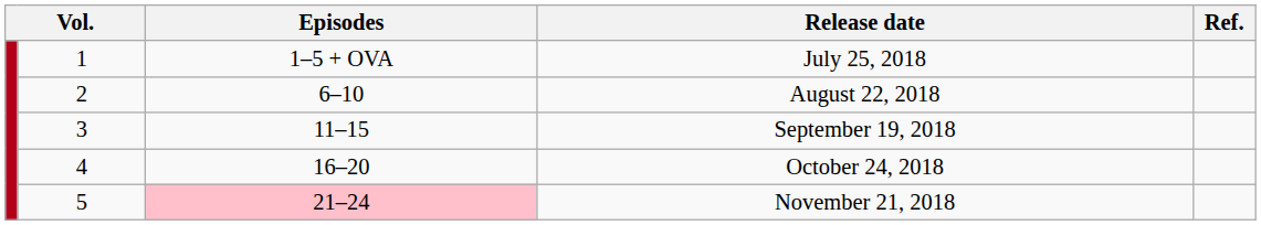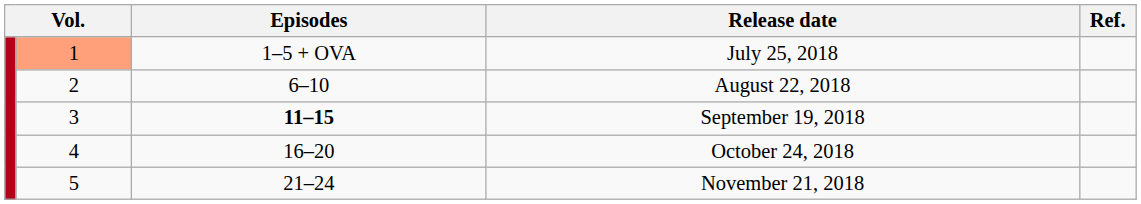 <table class="wikitable" style="text-align: center; width: 70%;">
 <tr>
 <th colspan="2">Vol.</th>
 <th>Episodes</th>
 <th>Release date</th>
 <th width="5%">Ref.</th>
 </tr>
 <tr>
 <td rowspan="5" width="1%" style="background: #B30018;"></td>
-<td>1</td>
+<td style="background: lightsalmon;">1</td>
 <td>1–5 + OVA</td>
 <td>July 25, 2018</td>
 <td></td>
 </tr>
 <tr>
 <td>2</td>
 <td>6–10</td>
 <td>August 22, 2018</td>
 <td></td>
 </tr>
 <tr>
 <td>3</td>
-<td>11–15</td>
+<td><strong>11–15</strong></td>
 <td>September 19, 2018</td>
 <td></td>
 </tr>
 <tr>
 <td>4</td>
 <td>16–20</td>
 <td>October 24, 2018</td>
 <td></td>
 </tr>
 <tr>
 <td>5</td>
-<td style="background: pink;">21–24</td>
+<td>21–24</td>
 <td>November 21, 2018</td>
 <td></td>
 </tr>
 </table>
